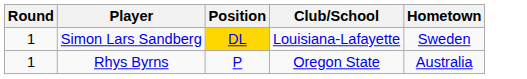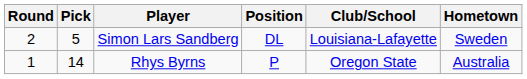 <table class="wikitable" style="font-size: 95%;">
 <tr>
 <th scope="col">Round</th>
+<th scope="col">Pick</th>
 <th scope="col">Player</th>
 <th scope="col">Position</th>
 <th scope="col">Club/School</th>
 <th scope="col">Hometown</th>
 </tr>
 <tr align="center">
-<td align=center>1</td>
+<td align=center>2</td>
+<td>5</td>
 <td><a href='#'>Simon Lars Sandberg</a></td>
-<td style="background: gold;"><a href='#'>DL</a></td>
+<td><a href='#'>DL</a></td>
 <td><a href='#'>Louisiana-Lafayette</a></td>
 <td> <a href='#'>Sweden</a></td>
 </tr>
 <tr align="center">
 <td align=center>1</td>
+<td>14</td>
 <td><a href='#'>Rhys Byrns</a></td>
 <td><a href='#'>P</a></td>
 <td><a href='#'>Oregon State</a></td>
 <td> <a href='#'>Australia</a></td>
 </tr>
 </table>
